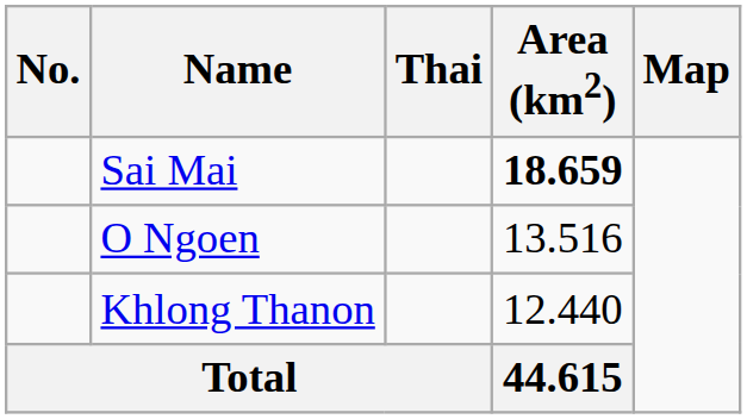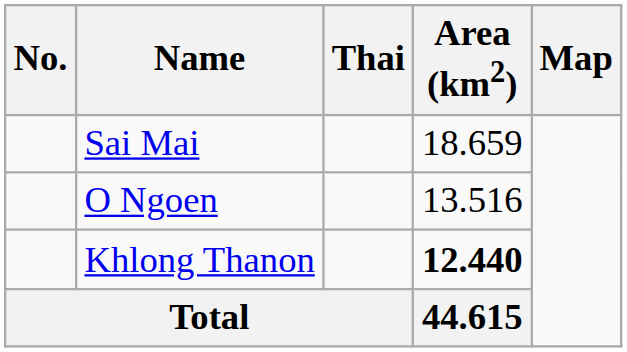 <table class="wikitable sortable">
 <tr>
 <th>No.</th>
 <th>Name</th>
 <th>Thai</th>
 <th>Area<br>(km<sup>2</sup>)</th>
 <th>Map</th>
 </tr>
 <tr>
 <td></td>
 <td><a href='#'>Sai Mai</a></td>
 <td></td>
-<td><strong><div>18.659</div></strong></td>
+<td><div>18.659</div></td>
 <td rowspan=4></td>
 </tr>
 <tr>
 <td></td>
 <td><a href='#'>O Ngoen</a></td>
 <td></td>
 <td><div>13.516</div></td>
 </tr>
 <tr>
 <td></td>
 <td><a href='#'>Khlong Thanon</a></td>
 <td></td>
-<td><div>12.440</div></td>
+<td><strong><div>12.440</div></strong></td>
 </tr>
 <tr>
 <th colspan=3>Total</th>
 <th><div>44.615</div></th>
 </tr>
 </table>
